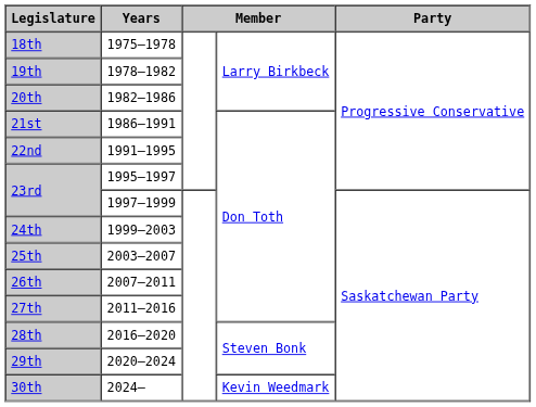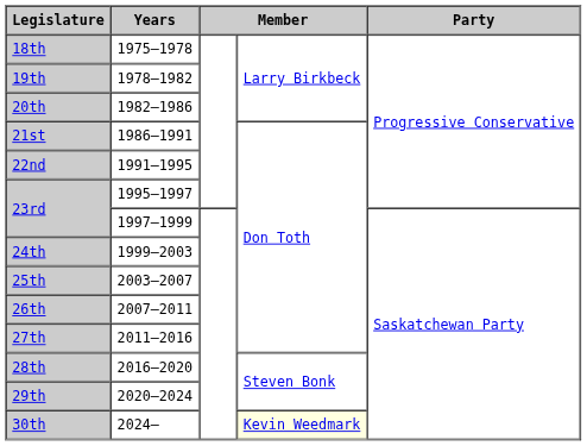 <table border=1 cellpadding=5 cellspacing=0>
 <tr bgcolor="CCCCCC">
 <th>Legislature</th>
 <th>Years</th>
 <th colspan="2">Member</th>
 <th>Party</th>
 </tr>
 <tr>
 <td bgcolor="CCCCCC"><a href='#'>18th</a></td>
 <td>1975–1978</td>
 <td rowspan="6" >   </td>
 <td rowspan="3"><a href='#'>Larry Birkbeck</a></td>
 <td rowspan="6"><a href='#'>Progressive Conservative</a></td>
 </tr>
 <tr>
 <td bgcolor="CCCCCC"><a href='#'>19th</a></td>
 <td>1978–1982</td>
 </tr>
 <tr>
 <td bgcolor="CCCCCC"><a href='#'>20th</a></td>
 <td>1982–1986</td>
 </tr>
 <tr>
 <td bgcolor="CCCCCC"><a href='#'>21st</a></td>
 <td>1986–1991</td>
 <td rowspan="8"><a href='#'>Don Toth</a></td>
 </tr>
 <tr>
 <td bgcolor="CCCCCC"><a href='#'>22nd</a></td>
 <td>1991–1995</td>
 </tr>
 <tr>
 <td bgcolor="CCCCCC" rowspan="2"><a href='#'>23rd</a></td>
 <td>1995–1997</td>
 </tr>
 <tr>
 <td>1997–1999</td>
 <td rowspan="8" >   </td>
 <td rowspan="8"><a href='#'>Saskatchewan Party</a></td>
 </tr>
 <tr>
 <td bgcolor="CCCCCC"><a href='#'>24th</a></td>
 <td>1999–2003</td>
 </tr>
 <tr>
 <td bgcolor="CCCCCC"><a href='#'>25th</a></td>
 <td>2003–2007</td>
 </tr>
 <tr>
 <td bgcolor="CCCCCC"><a href='#'>26th</a></td>
 <td>2007–2011</td>
 </tr>
 <tr>
 <td bgcolor="CCCCCC"><a href='#'>27th</a></td>
 <td>2011–2016</td>
 </tr>
 <tr>
 <td bgcolor="CCCCCC"><a href='#'>28th</a></td>
 <td>2016–2020</td>
 <td rowspan="2"><a href='#'>Steven Bonk</a></td>
 </tr>
 <tr>
 <td bgcolor="CCCCCC"><a href='#'>29th</a></td>
 <td>2020–2024</td>
 </tr>
 <tr>
 <td bgcolor="CCCCCC"><a href='#'>30th</a></td>
 <td>2024–</td>
-<td><a href='#'>Kevin Weedmark</a></td>
+<td style="background: lightyellow;"><a href='#'>Kevin Weedmark</a></td>
 </tr>
 </table>
